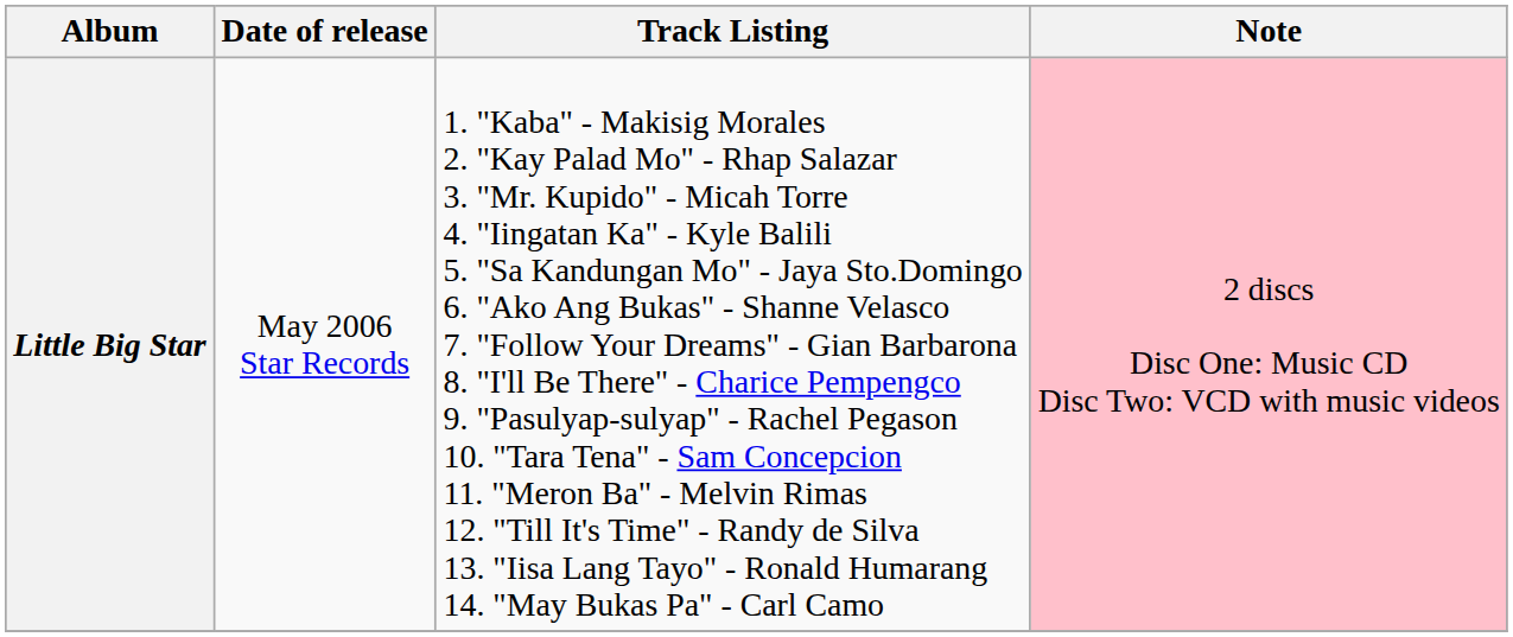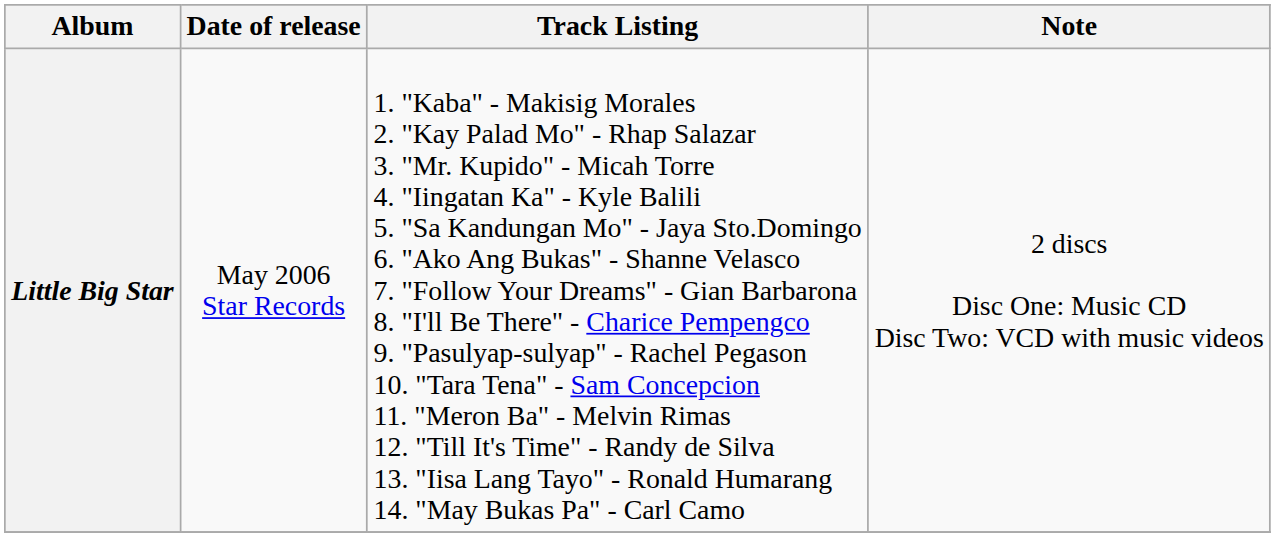 <table class="wikitable">
 <tr>
 <th align="left">Album</th>
 <th align="left">Date of release</th>
 <th align="left">Track Listing</th>
 <th align="left">Note</th>
 </tr>
 <tr>
 <th align="center"><em>Little Big Star</em></th>
 <td align="center">May 2006<br><a href='#'>Star Records</a></td>
 <td align="left"><br>1. "Kaba" - Makisig Morales<br> 2. "Kay Palad Mo" - Rhap Salazar<br> 3. "Mr. Kupido" - Micah Torre<br> 4. "Iingatan Ka" - Kyle Balili<br> 5. "Sa Kandungan Mo" - Jaya Sto.Domingo<br> 6. "Ako Ang Bukas" - Shanne Velasco<br> 7. "Follow Your Dreams" - Gian Barbarona<br> 8. "I'll Be There" - <a href='#'>Charice Pempengco</a><br> 9. "Pasulyap-sulyap" - Rachel Pegason<br> 10. "Tara Tena" - <a href='#'>Sam Concepcion</a><br> 11. "Meron Ba" - Melvin Rimas<br> 12. "Till It's Time" - Randy de Silva<br> 13. "Iisa Lang Tayo" - Ronald Humarang<br> 14. "May Bukas Pa" - Carl Camo</td>
-<td align="center" style="background: pink;">2 discs<br><br>Disc One: Music CD<br> Disc Two: VCD with music videos</td>
+<td align="center">2 discs<br><br>Disc One: Music CD<br> Disc Two: VCD with music videos</td>
 </tr>
 <tr>
 </tr>
 </table>
